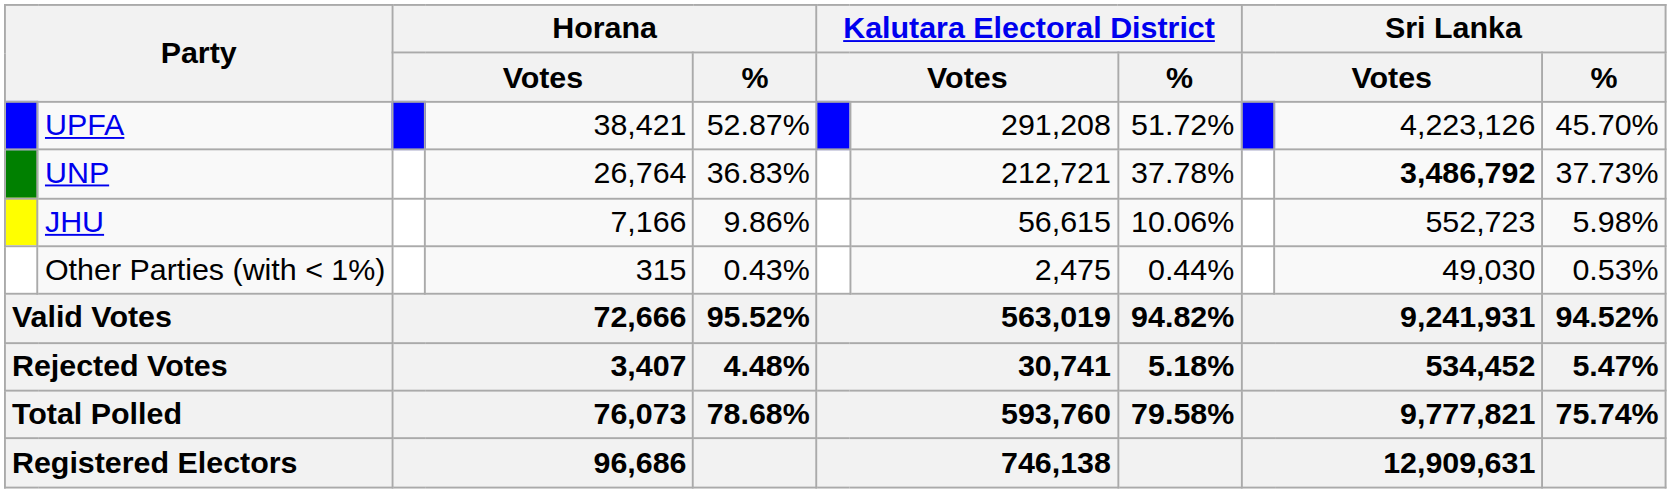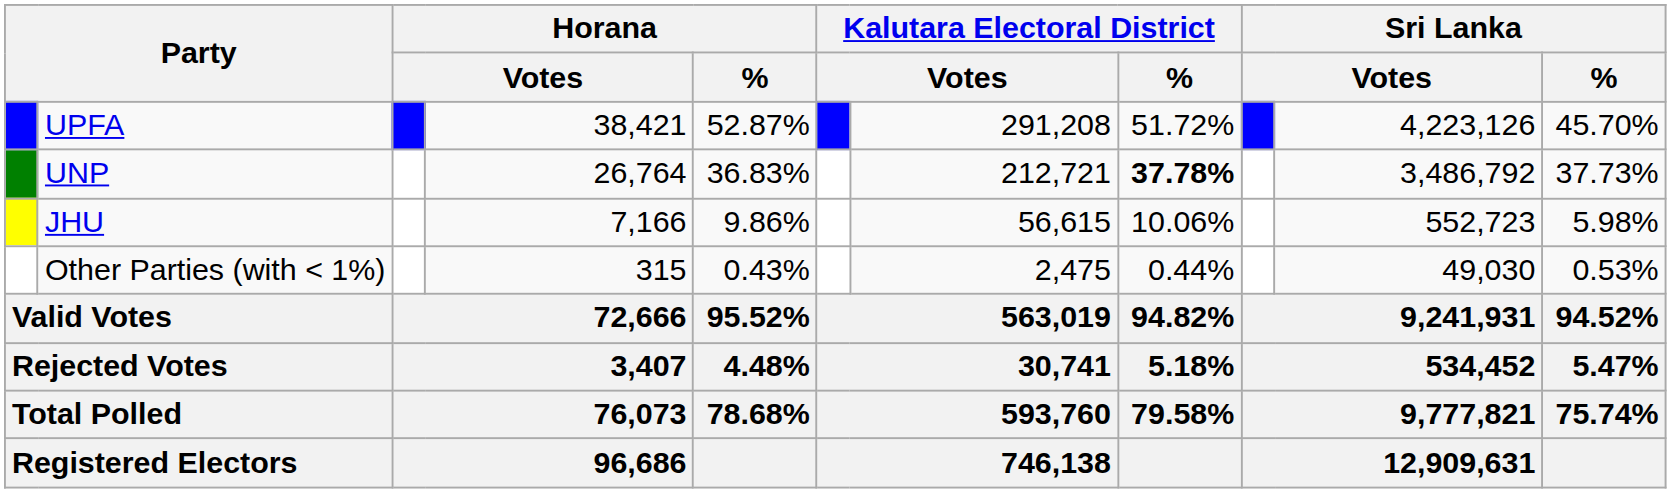 <table class="wikitable">
 <tr>
 <th colspan="2" width="144px"rowspan="2">Party</th>
 <th colspan="3" width="216px">Horana</th>
 <th colspan="3" width="216px"><a href='#'>Kalutara Electoral District</a></th>
 <th colspan="3" width="216px">Sri Lanka</th>
 </tr>
 <tr>
 <th colspan="2" width="144px">Votes</th>
 <th>%</th>
 <th colspan="2" width="144px">Votes</th>
 <th>%</th>
 <th colspan="2" width="144px">Votes</th>
 <th>%</th>
 </tr>
 <tr>
 <td style="background-color:blue;" width="10px"></td>
 <td style="text-align:left;"><a href='#'>UPFA</a></td>
 <td style="background-color:blue;" width="10px"></td>
 <td style="text-align:right;">38,421</td>
 <td style="text-align:right;">52.87%</td>
 <td style="background-color:blue;" width="10px"></td>
 <td style="text-align:right;">291,208</td>
 <td style="text-align:right;">51.72%</td>
 <td style="background-color:blue;" width="10px"></td>
 <td style="text-align:right;">4,223,126</td>
 <td style="text-align:right;">45.70%</td>
 </tr>
 <tr>
 <td style="background-color:green;" width="10px"></td>
 <td style="text-align:left;"><a href='#'>UNP</a></td>
 <td style="background-color:white;" width="10px"></td>
 <td style="text-align:right;">26,764</td>
 <td style="text-align:right;">36.83%</td>
 <td style="background-color:white;" width="10px"></td>
 <td style="text-align:right;">212,721</td>
-<td style="text-align:right;">37.78%</td>
+<td style="text-align:right;"><strong>37.78%</strong></td>
 <td style="background-color:white;" width="10px"></td>
-<td style="text-align:right;"><strong>3,486,792</strong></td>
+<td style="text-align:right;">3,486,792</td>
 <td style="text-align:right;">37.73%</td>
 </tr>
 <tr>
 <td style="background-color:yellow;" width="10px"></td>
 <td style="text-align:left;"><a href='#'>JHU</a></td>
 <td style="background-color:white;" width="10px"></td>
 <td style="text-align:right;">7,166</td>
 <td style="text-align:right;">9.86%</td>
 <td style="background-color:white;" width="10px"></td>
 <td style="text-align:right;">56,615</td>
 <td style="text-align:right;">10.06%</td>
 <td style="background-color:white;" width="10px"></td>
 <td style="text-align:right;">552,723</td>
 <td style="text-align:right;">5.98%</td>
 </tr>
 <tr>
 <td style="background-color:white;" width="10px"></td>
 <td style="text-align:left;">Other Parties (with < 1%)</td>
 <td style="background-color:white;" width="10px"></td>
 <td style="text-align:right;">315</td>
 <td style="text-align:right;">0.43%</td>
 <td style="background-color:white;" width="10px"></td>
 <td style="text-align:right;">2,475</td>
 <td style="text-align:right;">0.44%</td>
 <td style="background-color:white;" width="10px"></td>
 <td style="text-align:right;">49,030</td>
 <td style="text-align:right;">0.53%</td>
 </tr>
 <tr>
 <th colspan="2" width="144px"style="text-align:left;">Valid Votes</th>
 <th style="text-align:right;"colspan="2" width="144px">72,666</th>
 <th style="text-align:right;">95.52%</th>
 <th style="text-align:right;"colspan="2" width="144px">563,019</th>
 <th style="text-align:right;">94.82%</th>
 <th style="text-align:right;"colspan="2" width="144px">9,241,931</th>
 <th style="text-align:right;">94.52%</th>
 </tr>
 <tr>
 <th colspan="2" width="144px"style="text-align:left;">Rejected Votes</th>
 <th style="text-align:right;"colspan="2" width="144px">3,407</th>
 <th style="text-align:right;">4.48%</th>
 <th style="text-align:right;"colspan="2" width="144px">30,741</th>
 <th style="text-align:right;">5.18%</th>
 <th style="text-align:right;"colspan="2" width="144px">534,452</th>
 <th style="text-align:right;">5.47%</th>
 </tr>
 <tr>
 <th colspan="2" width="144px"style="text-align:left;">Total Polled</th>
 <th style="text-align:right;"colspan="2" width="144px">76,073</th>
 <th style="text-align:right;">78.68%</th>
 <th style="text-align:right;"colspan="2" width="144px">593,760</th>
 <th style="text-align:right;">79.58%</th>
 <th style="text-align:right;"colspan="2" width="144px">9,777,821</th>
 <th style="text-align:right;">75.74%</th>
 </tr>
 <tr>
 <th colspan="2" width="144px"style="text-align:left;">Registered Electors</th>
 <th style="text-align:right;"colspan="2" width="144px">96,686</th>
 <th></th>
 <th style="text-align:right;"colspan="2" width="144px">746,138</th>
 <th></th>
 <th style="text-align:right;"colspan="2" width="144px">12,909,631</th>
 <th></th>
 </tr>
 </table>
